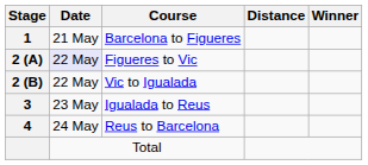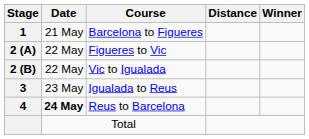 <table class="wikitable">
 <tr>
 <th scope="col">Stage</th>
 <th scope="col">Date</th>
 <th scope="col">Course</th>
 <th scope="col">Distance</th>
 <th scope="col">Winner</th>
 </tr>
 <tr>
 <th scope="row">1</th>
 <td style="text-align:right">21 May</td>
 <td><a href='#'>Barcelona</a> to <a href='#'>Figueres</a></td>
 <td style="text-align:center;"></td>
 <td></td>
 </tr>
 <tr>
 <th scope="row">2 (A)</th>
-<td style="background: lavender; text-align:right">22 May</td>
+<td style="text-align:right">22 May</td>
 <td><a href='#'>Figueres</a> to <a href='#'>Vic</a></td>
 <td style="text-align:center;"></td>
 <td></td>
 </tr>
 <tr>
 <th scope="row">2 (B)</th>
 <td style="text-align:right">22 May</td>
 <td><a href='#'>Vic</a> to <a href='#'>Igualada</a></td>
 <td style="text-align:center;"></td>
 <td></td>
 </tr>
 <tr>
 <th scope="row">3</th>
 <td style="text-align:right">23 May</td>
 <td><a href='#'>Igualada</a> to <a href='#'>Reus</a></td>
 <td style="text-align:center;"></td>
 <td></td>
 </tr>
 <tr>
 <th scope="row">4</th>
-<td style="text-align:right">24 May</td>
+<td style="text-align:right"><strong>24 May</strong></td>
 <td><a href='#'>Reus</a> to <a href='#'>Barcelona</a></td>
 <td style="text-align:center;"></td>
 <td></td>
 </tr>
 <tr>
 <th scope="row"></th>
 <td colspan="2" style="text-align:center">Total</td>
 <td colspan="5" style="text-align:center"></td>
 </tr>
 </table>
